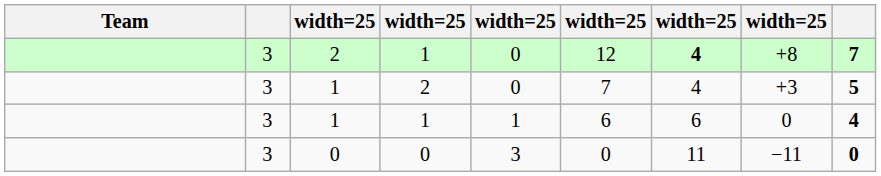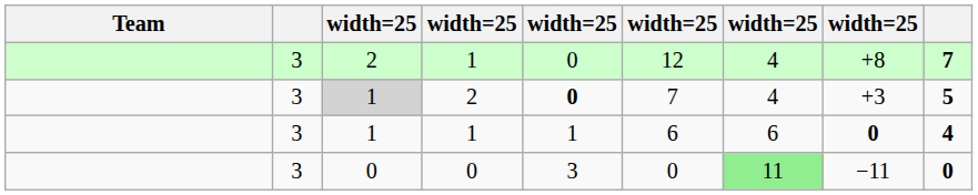 <table class="wikitable sortable" style="text-align: center; font-size: 90%;">
 <tr>
 <th width=165>Team</th>
 <th width=25></th>
 <th>width=25</th>
 <th>width=25</th>
 <th>width=25</th>
 <th>width=25</th>
 <th>width=25</th>
 <th>width=25</th>
 <th width=25></th>
 </tr>
 <tr style="background:#ccffcc">
 <td style="text-align:left;"></td>
 <td>3</td>
 <td>2</td>
 <td>1</td>
 <td>0</td>
 <td>12</td>
-<td><strong>4</strong></td>
+<td>4</td>
 <td>+8</td>
 <td><strong>7</strong></td>
 </tr>
 <tr>
 <td style="text-align:left;"></td>
 <td>3</td>
-<td>1</td>
+<td style="background: lightgrey;">1</td>
 <td>2</td>
-<td>0</td>
+<td><strong>0</strong></td>
 <td>7</td>
 <td>4</td>
 <td>+3</td>
 <td><strong>5</strong></td>
 </tr>
 <tr>
 <td style="text-align:left;"></td>
 <td>3</td>
 <td>1</td>
 <td>1</td>
 <td>1</td>
 <td>6</td>
 <td>6</td>
-<td>0</td>
+<td><strong>0</strong></td>
 <td><strong>4</strong></td>
 </tr>
 <tr>
 <td style="text-align:left;"></td>
 <td>3</td>
 <td>0</td>
 <td>0</td>
 <td>3</td>
 <td>0</td>
-<td>11</td>
+<td style="background: lightgreen;">11</td>
 <td>−11</td>
 <td><strong>0</strong></td>
 </tr>
 </table>
